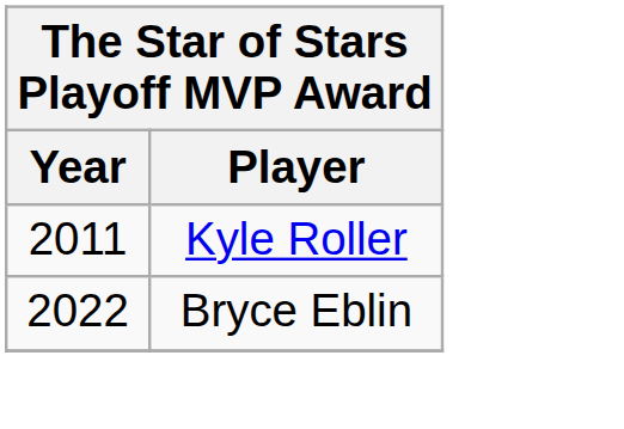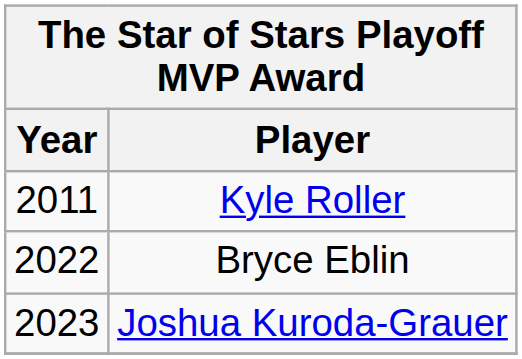 <table class="wikitable" style="display: inline-table; margin-right: 20px; text-align:center">
 <tr>
 <th scope="col" colspan="2" style="width: 145px;">The Star of Stars Playoff MVP Award</th>
 </tr>
 <tr>
 <th scope="col">Year</th>
 <th scope="col">Player</th>
 </tr>
 <tr>
 <td>2011</td>
 <td><a href='#'>Kyle Roller</a></td>
 </tr>
 <tr>
 <td>2022</td>
 <td>Bryce Eblin</td>
 </tr>
 <tr>
+<td>2023</td>
+<td><a href='#'>Joshua Kuroda-Grauer</a></td>
+</tr>
+<tr>
 </tr>
 </table>
